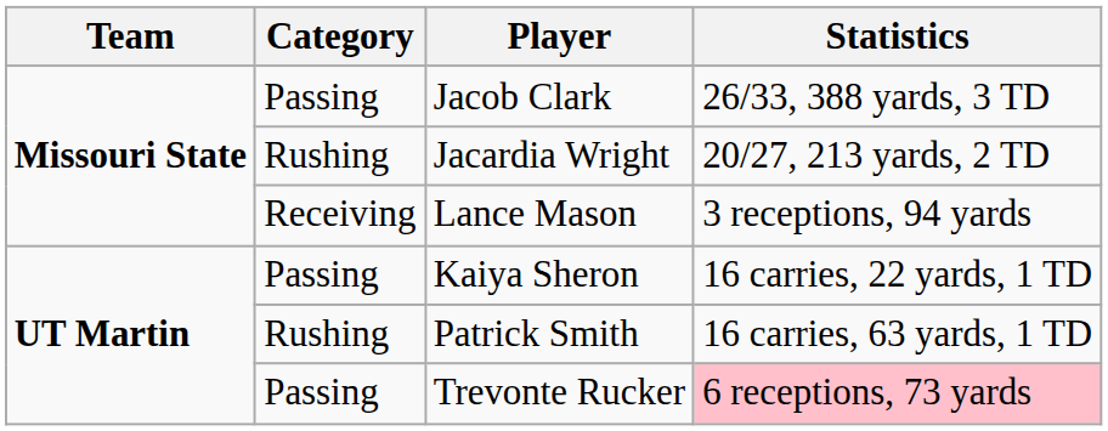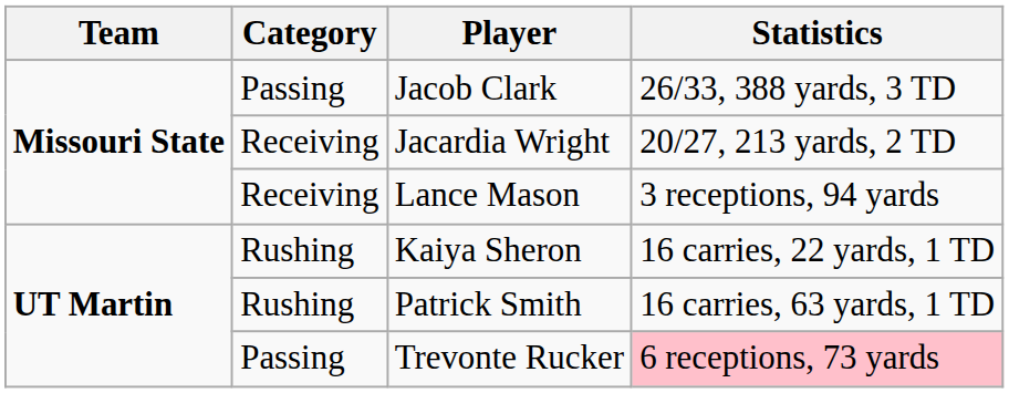 <table class="wikitable" style="float: right;">
 <tr>
 <th>Team</th>
 <th>Category</th>
 <th>Player</th>
 <th>Statistics</th>
 </tr>
 <tr>
 <td rowspan=3><strong>Missouri State</strong></td>
 <td>Passing</td>
 <td>Jacob Clark</td>
 <td>26/33, 388 yards, 3 TD</td>
 </tr>
 <tr>
-<td>Rushing</td>
+<td>Receiving</td>
 <td>Jacardia Wright</td>
 <td>20/27, 213 yards, 2 TD</td>
 </tr>
 <tr>
 <td>Receiving</td>
 <td>Lance Mason</td>
 <td>3 receptions, 94 yards</td>
 </tr>
 <tr>
 <td rowspan=3><strong>UT Martin</strong></td>
-<td>Passing</td>
+<td>Rushing</td>
 <td>Kaiya Sheron</td>
 <td>16 carries, 22 yards, 1 TD</td>
 </tr>
 <tr>
 <td>Rushing</td>
 <td>Patrick Smith</td>
 <td>16 carries, 63 yards, 1 TD</td>
 </tr>
 <tr>
 <td>Passing</td>
 <td>Trevonte Rucker</td>
 <td style="background: pink;">6 receptions, 73 yards</td>
 </tr>
 </table>
